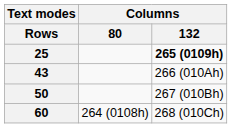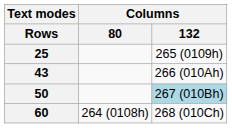 <table class="wikitable" style="text-align: center;">
 <tr>
 <th>Text modes</th>
 <th colspan="2">Columns</th>
 </tr>
 <tr>
 <th>Rows</th>
 <th>80</th>
 <th>132</th>
 </tr>
 <tr>
 <th>25</th>
 <td></td>
-<td><strong>265 (0109h)</strong></td>
+<td>265 (0109h)</td>
 </tr>
 <tr>
 <th>43</th>
 <td></td>
 <td>266 (010Ah)</td>
 </tr>
 <tr>
 <th>50</th>
 <td></td>
-<td>267 (010Bh)</td>
+<td style="background: lightblue;">267 (010Bh)</td>
 </tr>
 <tr>
 <th>60</th>
 <td>264 (0108h)</td>
 <td>268 (010Ch)</td>
 </tr>
 </table>
